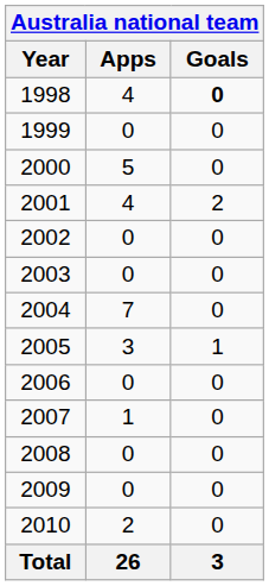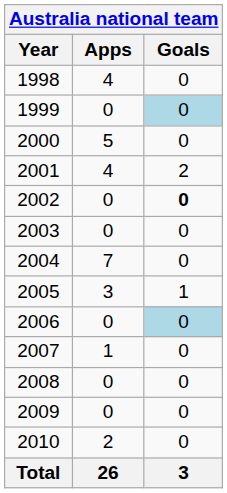 <table class="wikitable" style="text-align:center">
 <tr>
 <th colspan=3><a href='#'>Australia national team</a></th>
 </tr>
 <tr>
 <th>Year</th>
 <th>Apps</th>
 <th>Goals</th>
 </tr>
 <tr>
 <td>1998</td>
 <td>4</td>
-<td><strong>0</strong></td>
+<td>0</td>
 </tr>
 <tr>
 <td>1999</td>
 <td>0</td>
-<td>0</td>
+<td style="background: lightblue;">0</td>
 </tr>
 <tr>
 <td>2000</td>
 <td>5</td>
 <td>0</td>
 </tr>
 <tr>
 <td>2001</td>
 <td>4</td>
 <td>2</td>
 </tr>
 <tr>
 <td>2002</td>
 <td>0</td>
-<td>0</td>
+<td><strong>0</strong></td>
 </tr>
 <tr>
 <td>2003</td>
 <td>0</td>
 <td>0</td>
 </tr>
 <tr>
 <td>2004</td>
 <td>7</td>
 <td>0</td>
 </tr>
 <tr>
 <td>2005</td>
 <td>3</td>
 <td>1</td>
 </tr>
 <tr>
 <td>2006</td>
 <td>0</td>
-<td>0</td>
+<td style="background: lightblue;">0</td>
 </tr>
 <tr>
 <td>2007</td>
 <td>1</td>
 <td>0</td>
 </tr>
 <tr>
 <td>2008</td>
 <td>0</td>
 <td>0</td>
 </tr>
 <tr>
 <td>2009</td>
 <td>0</td>
 <td>0</td>
 </tr>
 <tr>
 <td>2010</td>
 <td>2</td>
 <td>0</td>
 </tr>
 <tr>
 <th>Total</th>
 <th>26</th>
 <th>3</th>
 </tr>
 </table>
